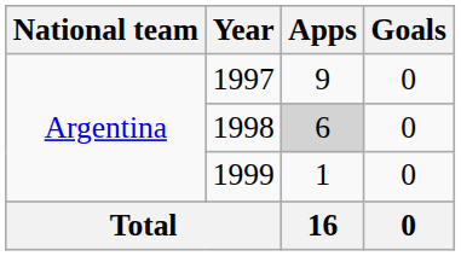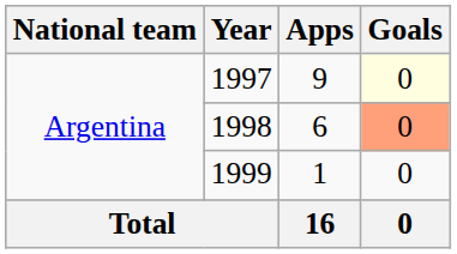 <table class=wikitable style="text-align: center">
 <tr>
 <th>National team</th>
 <th>Year</th>
 <th>Apps</th>
 <th>Goals</th>
 </tr>
 <tr>
 <td rowspan="3"><a href='#'>Argentina</a></td>
 <td>1997</td>
 <td>9</td>
-<td>0</td>
+<td style="background: lightyellow;">0</td>
 </tr>
 <tr>
 <td>1998</td>
-<td style="background: lightgrey;">6</td>
-<td>0</td>
+<td>6</td>
+<td style="background: lightsalmon;">0</td>
 </tr>
 <tr>
 <td>1999</td>
 <td>1</td>
 <td>0</td>
 </tr>
 <tr>
 <th colspan="2">Total</th>
 <th>16</th>
 <th>0</th>
 </tr>
 </table>
